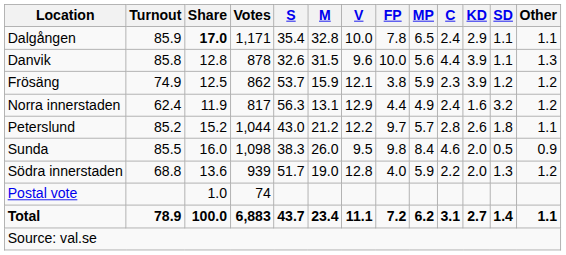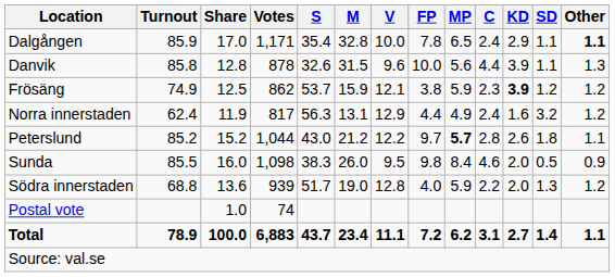 <table class="wikitable sortable" style=text-align:right>
 <tr>
 <th>Location</th>
 <th>Turnout</th>
 <th>Share</th>
 <th>Votes</th>
 <th><a href='#'>S</a></th>
 <th><a href='#'>M</a></th>
 <th><a href='#'>V</a></th>
 <th><a href='#'>FP</a></th>
 <th><a href='#'>MP</a></th>
 <th><a href='#'>C</a></th>
 <th><a href='#'>KD</a></th>
 <th><a href='#'>SD</a></th>
 <th>Other</th>
 </tr>
 <tr>
 <td align=left>Dalgången</td>
 <td>85.9</td>
-<td><strong>17.0</strong></td>
+<td>17.0</td>
 <td>1,171</td>
 <td>35.4</td>
 <td>32.8</td>
 <td>10.0</td>
 <td>7.8</td>
 <td>6.5</td>
 <td>2.4</td>
 <td>2.9</td>
 <td>1.1</td>
-<td>1.1</td>
+<td><strong>1.1</strong></td>
 </tr>
 <tr>
 <td align=left>Danvik</td>
 <td>85.8</td>
 <td>12.8</td>
 <td>878</td>
 <td>32.6</td>
 <td>31.5</td>
 <td>9.6</td>
 <td>10.0</td>
 <td>5.6</td>
 <td>4.4</td>
 <td>3.9</td>
 <td>1.1</td>
 <td>1.3</td>
 </tr>
 <tr>
 <td align=left>Frösäng</td>
 <td>74.9</td>
 <td>12.5</td>
 <td>862</td>
 <td>53.7</td>
 <td>15.9</td>
 <td>12.1</td>
 <td>3.8</td>
 <td>5.9</td>
 <td>2.3</td>
-<td>3.9</td>
+<td><strong>3.9</strong></td>
 <td>1.2</td>
 <td>1.2</td>
 </tr>
 <tr>
 <td align=left>Norra innerstaden</td>
 <td>62.4</td>
 <td>11.9</td>
 <td>817</td>
 <td>56.3</td>
 <td>13.1</td>
 <td>12.9</td>
 <td>4.4</td>
 <td>4.9</td>
 <td>2.4</td>
 <td>1.6</td>
 <td>3.2</td>
 <td>1.2</td>
 </tr>
 <tr>
 <td align=left>Peterslund</td>
 <td>85.2</td>
 <td>15.2</td>
 <td>1,044</td>
 <td>43.0</td>
 <td>21.2</td>
 <td>12.2</td>
 <td>9.7</td>
-<td>5.7</td>
+<td><strong>5.7</strong></td>
 <td>2.8</td>
 <td>2.6</td>
 <td>1.8</td>
 <td>1.1</td>
 </tr>
 <tr>
 <td align=left>Sunda</td>
 <td>85.5</td>
 <td>16.0</td>
 <td>1,098</td>
 <td>38.3</td>
 <td>26.0</td>
 <td>9.5</td>
 <td>9.8</td>
 <td>8.4</td>
 <td>4.6</td>
 <td>2.0</td>
 <td>0.5</td>
 <td>0.9</td>
 </tr>
 <tr>
 <td align=left>Södra innerstaden</td>
 <td>68.8</td>
 <td>13.6</td>
 <td>939</td>
 <td>51.7</td>
 <td>19.0</td>
 <td>12.8</td>
 <td>4.0</td>
 <td>5.9</td>
 <td>2.2</td>
 <td>2.0</td>
 <td>1.3</td>
 <td>1.2</td>
 </tr>
 <tr>
 <td align=left><a href='#'>Postal vote</a></td>
 <td></td>
 <td>1.0</td>
 <td>74</td>
 <td></td>
 <td></td>
 <td></td>
 <td></td>
 <td></td>
 <td></td>
 <td></td>
 <td></td>
 <td></td>
 </tr>
 <tr>
 <td align=left><strong>Total</strong></td>
 <td><strong>78.9</strong></td>
 <td><strong>100.0</strong></td>
 <td><strong>6,883</strong></td>
 <td><strong>43.7</strong></td>
 <td><strong>23.4</strong></td>
 <td><strong>11.1</strong></td>
 <td><strong>7.2</strong></td>
 <td><strong>6.2</strong></td>
 <td><strong>3.1</strong></td>
 <td><strong>2.7</strong></td>
 <td><strong>1.4</strong></td>
 <td><strong>1.1</strong></td>
 </tr>
 <tr>
 <td align=left colspan=13>Source: val.se </td>
 </tr>
 </table>
